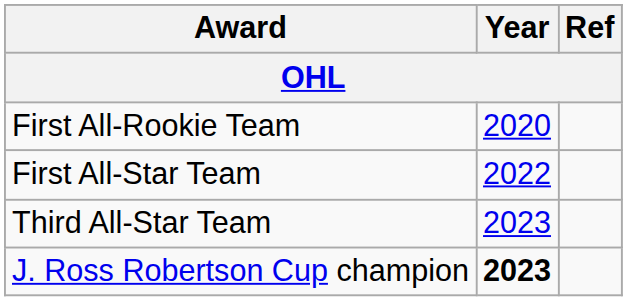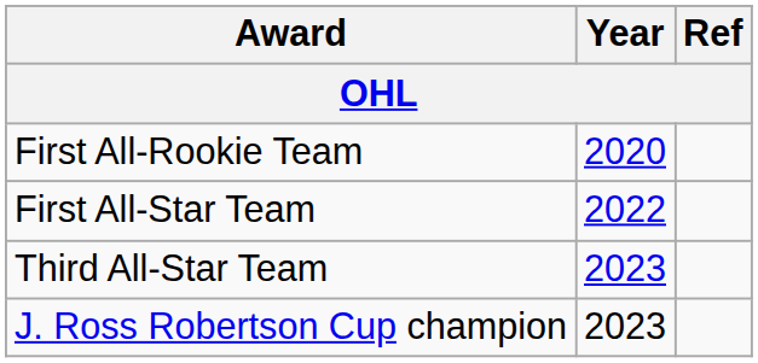 <table class="wikitable">
 <tr>
 <th>Award</th>
 <th>Year</th>
 <th>Ref</th>
 </tr>
 <tr>
 <th colspan="3"><a href='#'>OHL</a></th>
 </tr>
 <tr>
 <td>First All-Rookie Team</td>
 <td><a href='#'>2020</a></td>
 <td></td>
 </tr>
 <tr>
 <td>First All-Star Team</td>
 <td><a href='#'>2022</a></td>
 <td></td>
 </tr>
 <tr>
 <td>Third All-Star Team</td>
 <td><a href='#'>2023</a></td>
 <td></td>
 </tr>
 <tr>
 <td><a href='#'>J. Ross Robertson Cup</a> champion</td>
-<td><strong>2023</strong></td>
+<td>2023</td>
 <td></td>
 </tr>
 </table>
